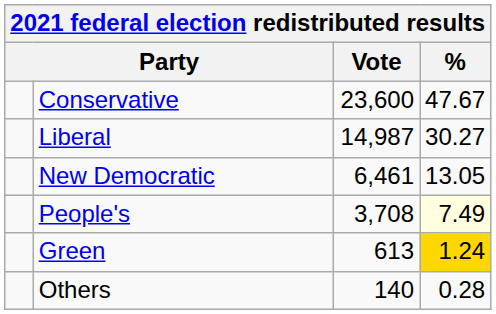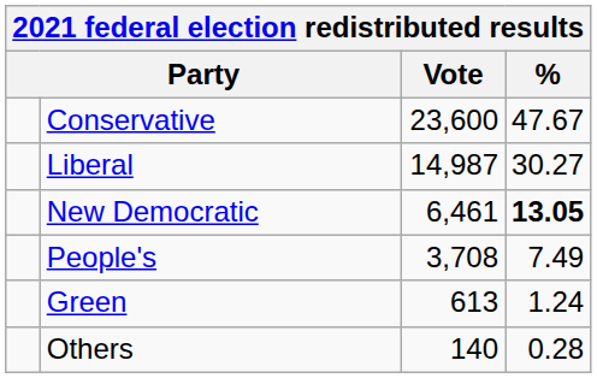 <table class="wikitable">
 <tr>
 <th colspan="4"><a href='#'>2021 federal election</a> redistributed results</th>
 </tr>
 <tr>
 <th bgcolor="#DDDDFF" width="130px" colspan="2">Party</th>
 <th bgcolor="#DDDDFF" width="50px">Vote</th>
 <th bgcolor="#DDDDFF" width="30px">%</th>
 </tr>
 <tr>
 <td> </td>
 <td><a href='#'>Conservative</a></td>
 <td align=right>23,600</td>
 <td align=right>47.67</td>
 </tr>
 <tr>
 <td> </td>
 <td><a href='#'>Liberal</a></td>
 <td align=right>14,987</td>
 <td align=right>30.27</td>
 </tr>
 <tr>
 <td> </td>
 <td><a href='#'>New Democratic</a></td>
 <td align=right>6,461</td>
-<td align=right>13.05</td>
+<td align=right><strong>13.05</strong></td>
 </tr>
 <tr>
 <td> </td>
 <td><a href='#'>People's</a></td>
 <td align=right>3,708</td>
-<td align=right style="background: lightyellow;">7.49</td>
+<td align=right>7.49</td>
 </tr>
 <tr>
 <td> </td>
 <td><a href='#'>Green</a></td>
 <td align=right>613</td>
-<td align=right style="background: gold;">1.24</td>
+<td align=right>1.24</td>
 </tr>
 <tr>
 <td> </td>
 <td>Others</td>
 <td align=right>140</td>
 <td align=right>0.28</td>
 </tr>
 </table>
